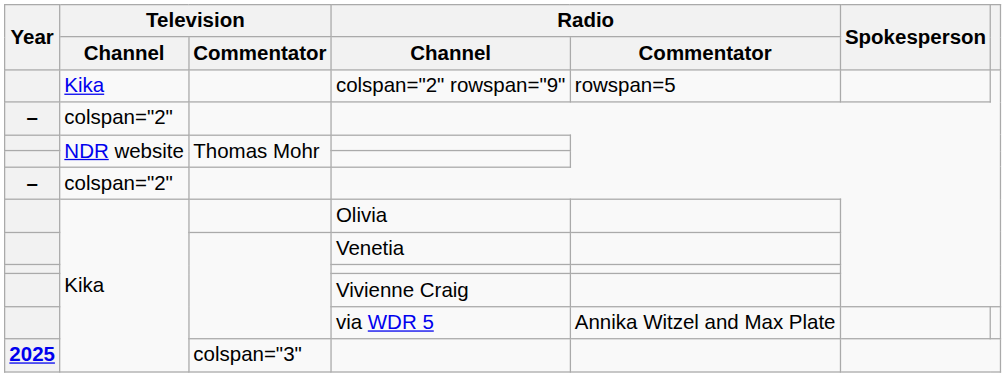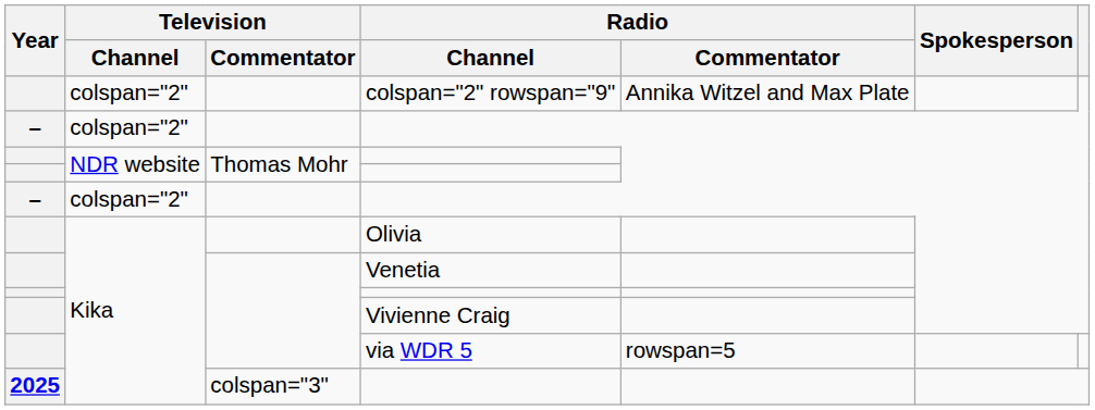 <table class="sortable wikitable plainrowheaders">
 <tr>
 <th scope="col" rowspan="2">Year</th>
 <th scope="colgroup" colspan="2">Television</th>
 <th scope="colgroup" colspan="2">Radio</th>
 <th scope="col" rowspan="2">Spokesperson</th>
 <th scope="col" rowspan="2"></th>
 </tr>
 <tr>
 <th scope="col">Channel</th>
 <th scope="col">Commentator</th>
 <th scope="col">Channel</th>
 <th scope="col">Commentator</th>
 </tr>
 <tr>
 <th scope="row"></th>
-<td><a href='#'>Kika</a></td>
+<td>colspan="2" </td>
 <td></td>
 <td>colspan="2" rowspan="9" </td>
-<td>rowspan=5 </td>
+<td>Annika Witzel and Max Plate</td>
 <td></td>
 </tr>
 <tr>
 <th scope="row">–</th>
 <td>colspan="2" </td>
 <td></td>
 </tr>
 <tr>
 <th scope="row"></th>
 <td rowspan=2><a href='#'>NDR</a> website</td>
 <td rowspan=2>Thomas Mohr</td>
 <td></td>
 </tr>
 <tr>
 <th scope="row"></th>
 <td></td>
 </tr>
 <tr>
 <th scope="row">–</th>
 <td>colspan="2" </td>
 <td></td>
 </tr>
 <tr>
 <th scope="row"></th>
 <td rowspan="6">Kika</td>
 <td></td>
 <td>Olivia</td>
 <td></td>
 </tr>
 <tr>
 <th scope="row"></th>
 <td rowspan="4"></td>
 <td>Venetia</td>
 <td></td>
 </tr>
 <tr>
 <th scope="row"></th>
 <td></td>
 <td></td>
 </tr>
 <tr>
 <th scope="row"></th>
 <td>Vivienne Craig</td>
 <td></td>
 </tr>
 <tr>
 <th scope="row"></th>
 <td> via <a href='#'>WDR 5</a></td>
-<td>Annika Witzel and Max Plate</td>
+<td>rowspan=5 </td>
 <td></td>
 <td></td>
 </tr>
 <tr>
 <th scope="row"><a href='#'>2025</a></th>
 <td>colspan="3" </td>
 <td></td>
 <td></td>
 </tr>
 </table>
